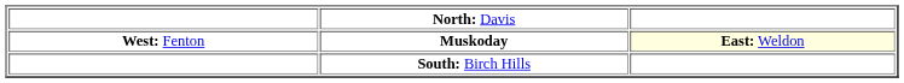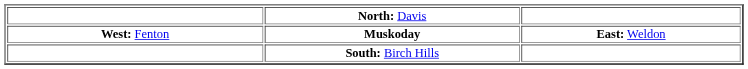 <table width="75%" border="2" align="center">
 <tr ---->
 <td width="35%" align="center"></td>
 <td width="30%" align="center"><strong>North:</strong> <a href='#'>Davis</a></td>
 <td width="35%" align="center"></td>
 </tr>
 <tr ---->
 <td width ="10%" align="center"><strong>West:</strong> <a href='#'>Fenton</a></td>
 <td width ="35%" align="center"><strong>Muskoday</strong></td>
-<td width ="30%" align="center" style="background: lightyellow;"><strong>East:</strong> <a href='#'>Weldon</a></td>
+<td width ="30%" align="center"><strong>East:</strong> <a href='#'>Weldon</a></td>
 </tr>
 <tr ---->
 <td width ="35%" align="center"></td>
 <td width ="30%" align="center"><strong>South:</strong> <a href='#'>Birch Hills</a></td>
 <td width ="35%" align="center"></td>
 </tr>
 </table>
